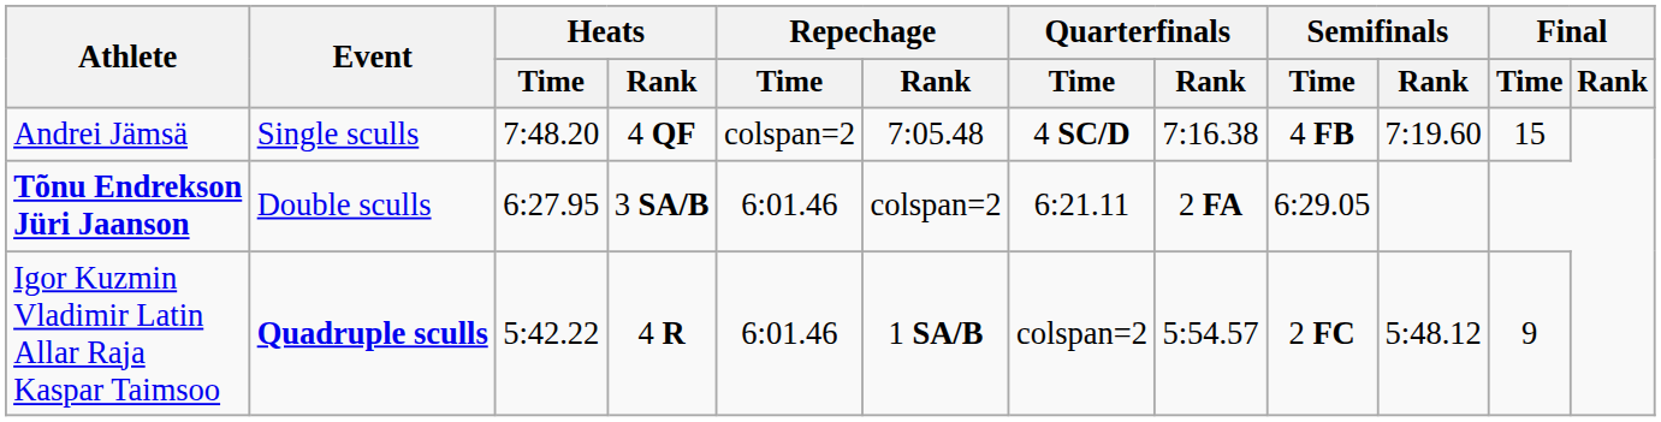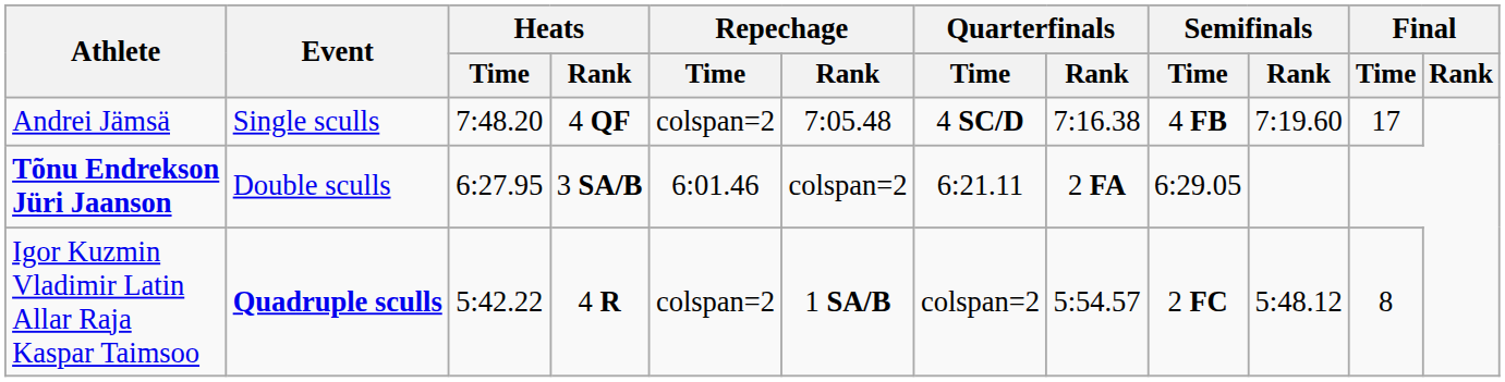 <table class="wikitable" style="font-size:90%">
 <tr>
 <th rowspan="2">Athlete</th>
 <th rowspan="2">Event</th>
 <th colspan="2">Heats</th>
 <th colspan="2">Repechage</th>
 <th colspan="2">Quarterfinals</th>
 <th colspan="2">Semifinals</th>
 <th colspan="2">Final</th>
 </tr>
 <tr style="font-size:95%">
 <th>Time</th>
 <th>Rank</th>
 <th>Time</th>
 <th>Rank</th>
 <th>Time</th>
 <th>Rank</th>
 <th>Time</th>
 <th>Rank</th>
 <th>Time</th>
 <th>Rank</th>
 </tr>
 <tr align=center>
 <td align=left><a href='#'>Andrei Jämsä</a></td>
 <td align=left><a href='#'>Single sculls</a></td>
 <td>7:48.20</td>
 <td>4 <strong>QF</strong></td>
 <td>colspan=2 </td>
 <td>7:05.48</td>
 <td>4 <strong>SC/D</strong></td>
 <td>7:16.38</td>
 <td>4 <strong>FB</strong></td>
 <td>7:19.60</td>
-<td>15</td>
+<td>17</td>
 </tr>
 <tr align=center>
 <td align=left><strong><a href='#'>Tõnu Endrekson</a><br><a href='#'>Jüri Jaanson</a></strong></td>
 <td align=left><a href='#'>Double sculls</a></td>
 <td>6:27.95</td>
 <td>3 <strong>SA/B</strong></td>
 <td>6:01.46</td>
 <td>colspan=2 </td>
 <td>6:21.11</td>
 <td>2 <strong>FA</strong></td>
 <td>6:29.05</td>
 <td></td>
 </tr>
 <tr align=center>
 <td align=left><a href='#'>Igor Kuzmin</a><br><a href='#'>Vladimir Latin</a><br><a href='#'>Allar Raja</a><br><a href='#'>Kaspar Taimsoo</a></td>
 <td align=left><strong><a href='#'>Quadruple sculls</a></strong></td>
 <td>5:42.22</td>
 <td>4 <strong>R</strong></td>
-<td>6:01.46</td>
+<td>colspan=2 </td>
 <td>1 <strong>SA/B</strong></td>
 <td>colspan=2 </td>
 <td>5:54.57</td>
 <td>2 <strong>FC</strong></td>
 <td>5:48.12</td>
-<td>9</td>
+<td>8</td>
 </tr>
 </table>
